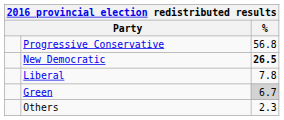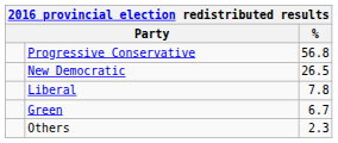 <table class="wikitable">
 <tr>
 <th colspan="4"><a href='#'>2016 provincial election</a> redistributed results</th>
 </tr>
 <tr>
 <th bgcolor="#DDDDFF" width="130px" colspan="2">Party</th>
 <th bgcolor="#DDDDFF" width="30px">%</th>
 </tr>
 <tr>
 <td> </td>
 <td><a href='#'>Progressive Conservative</a></td>
 <td align=right>56.8</td>
 </tr>
 <tr>
 <td> </td>
 <td><a href='#'>New Democratic</a></td>
-<td align=right><strong>26.5</strong></td>
+<td align=right>26.5</td>
 </tr>
 <tr>
 <td> </td>
 <td><a href='#'>Liberal</a></td>
 <td align=right>7.8</td>
 </tr>
 <tr>
 <td> </td>
 <td><a href='#'>Green</a></td>
-<td align=right style="background: lightgrey;">6.7</td>
+<td align=right>6.7</td>
 </tr>
 <tr>
 <td> </td>
 <td>Others</td>
 <td align=right>2.3</td>
 </tr>
 </table>
